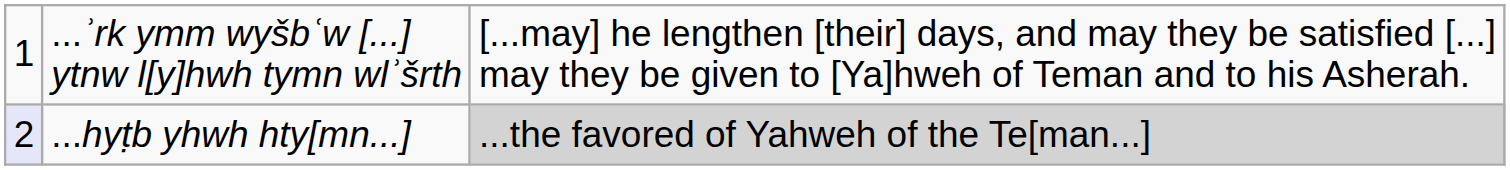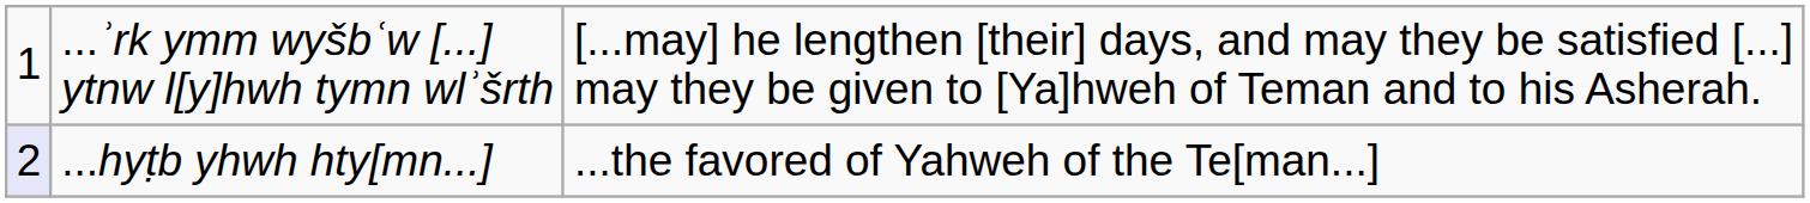 <table class="wikitable" "text-align:">
 <tr>
 <td>1</td>
 <td>...<em>ʾrk ymm wyšbʿw [...] <br> ytnw l[y]hwh tymn wlʾšrth</em></td>
 <td>[...may] he lengthen [their] days, and may they be satisfied [...] <br> may they be given to [Ya]hweh of Teman and to his Asherah.<br></td>
 </tr>
 <tr>
 <td style="background: lavender;">2</td>
 <td>...<em>hyṭb yhwh hty[mn...]</em></td>
-<td style="background: lightgrey;">...the favored of Yahweh of the Te[man...]</td>
+<td>...the favored of Yahweh of the Te[man...]</td>
 </tr>
 </table>
